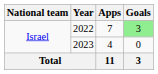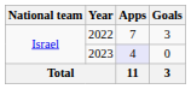 <table class="wikitable" style="text-align: center;">
 <tr>
 <th>National team</th>
 <th>Year</th>
 <th>Apps</th>
 <th>Goals</th>
 </tr>
 <tr>
 <td rowspan=2><a href='#'>Israel</a></td>
 <td>2022</td>
 <td>7</td>
-<td style="background: lightgreen;">3</td>
+<td>3</td>
 </tr>
 <tr>
 <td>2023</td>
-<td>4</td>
+<td style="background: lavender;">4</td>
 <td>0</td>
 </tr>
 <tr>
 <th colspan=2>Total</th>
 <th>11</th>
 <th>3</th>
 </tr>
 </table>
